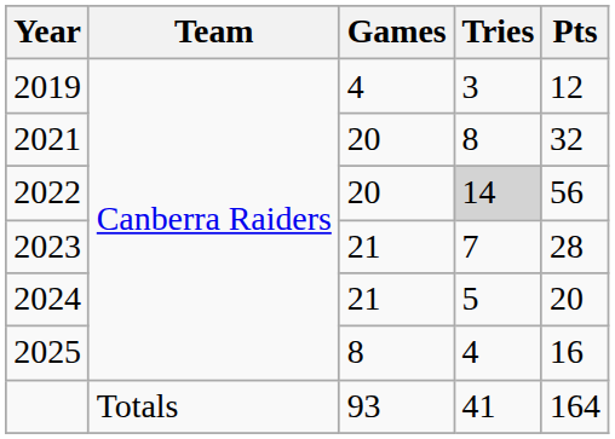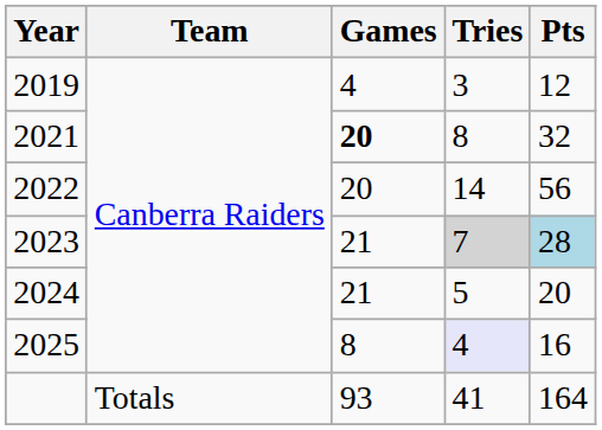 <table class="wikitable">
 <tr>
 <th>Year</th>
 <th>Team</th>
 <th>Games</th>
 <th>Tries</th>
 <th>Pts</th>
 </tr>
 <tr>
 <td>2019</td>
 <td rowspan="6"> <a href='#'>Canberra Raiders</a></td>
 <td>4</td>
 <td>3</td>
 <td>12</td>
 </tr>
 <tr>
 <td>2021</td>
-<td>20</td>
+<td><strong>20</strong></td>
 <td>8</td>
 <td>32</td>
 </tr>
 <tr>
 <td>2022</td>
 <td>20</td>
-<td style="background: lightgrey;">14</td>
+<td>14</td>
 <td>56</td>
 </tr>
 <tr>
 <td>2023</td>
 <td>21</td>
-<td>7</td>
-<td>28</td>
+<td style="background: lightgrey;">7</td>
+<td style="background: lightblue;">28</td>
 </tr>
 <tr>
 <td>2024</td>
 <td>21</td>
 <td>5</td>
 <td>20</td>
 </tr>
 <tr>
 <td>2025</td>
 <td>8</td>
-<td>4</td>
+<td style="background: lavender;">4</td>
 <td>16</td>
 </tr>
 <tr>
 <td></td>
 <td>Totals</td>
 <td>93</td>
 <td>41</td>
 <td>164</td>
 </tr>
 </table>
